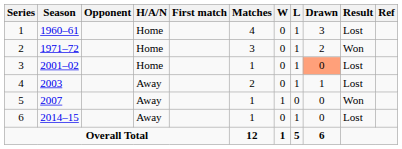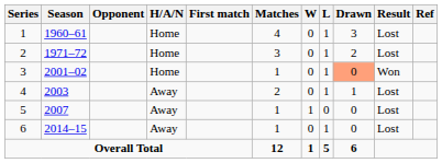 <table class="wikitable sortable">
 <tr>
 <th>Series</th>
 <th>Season</th>
 <th>Opponent</th>
 <th>H/A/N</th>
 <th>First match</th>
 <th>Matches</th>
 <th>W</th>
 <th>L</th>
 <th>Drawn</th>
 <th>Result</th>
 <th class="unsortable">Ref</th>
 </tr>
 <tr>
 <td align="center">1</td>
 <td><a href='#'>1960–61</a></td>
 <td></td>
 <td>Home</td>
 <td></td>
 <td align="center">4</td>
 <td align="center">0</td>
 <td align="center">1</td>
 <td align="center">3</td>
 <td>Lost</td>
 <td></td>
 </tr>
 <tr>
 <td align="center">2</td>
 <td><a href='#'>1971–72</a></td>
 <td></td>
 <td>Home</td>
 <td></td>
 <td align="center">3</td>
 <td align="center">0</td>
 <td align="center">1</td>
 <td align="center">2</td>
-<td>Won</td>
+<td>Lost</td>
 <td></td>
 </tr>
 <tr>
 <td align="center">3</td>
 <td><a href='#'>2001–02</a></td>
 <td></td>
 <td>Home</td>
 <td></td>
 <td align="center">1</td>
 <td align="center">0</td>
 <td align="center">1</td>
 <td align="center" style="background: lightsalmon;">0</td>
-<td>Lost</td>
+<td>Won</td>
 <td></td>
 </tr>
 <tr>
 <td align="center">4</td>
 <td><a href='#'>2003</a></td>
 <td></td>
 <td>Away</td>
 <td></td>
 <td align="center">2</td>
 <td align="center">0</td>
 <td align="center">1</td>
 <td align="center">1</td>
 <td>Lost</td>
 <td></td>
 </tr>
 <tr>
 <td align="center">5</td>
 <td><a href='#'>2007</a></td>
 <td></td>
 <td>Away</td>
 <td></td>
 <td align="center">1</td>
 <td align="center">1</td>
 <td align="center">0</td>
 <td align="center">0</td>
-<td>Won</td>
+<td>Lost</td>
 <td></td>
 </tr>
 <tr>
 <td align="center">6</td>
 <td><a href='#'>2014–15</a></td>
 <td></td>
 <td>Away</td>
 <td></td>
 <td align="center">1</td>
 <td align="center">0</td>
 <td align="center">1</td>
 <td align="center">0</td>
 <td>Lost</td>
 <td></td>
 </tr>
 <tr class="sortbottom">
 <td colspan="5" ; align="center"><strong>Overall Total</strong></td>
 <td align="center"><strong>12</strong></td>
 <td align="center"><strong>1</strong></td>
 <td align="center"><strong>5</strong></td>
 <td align="center"><strong>6</strong></td>
 <td colspan="2"></td>
 </tr>
 </table>
